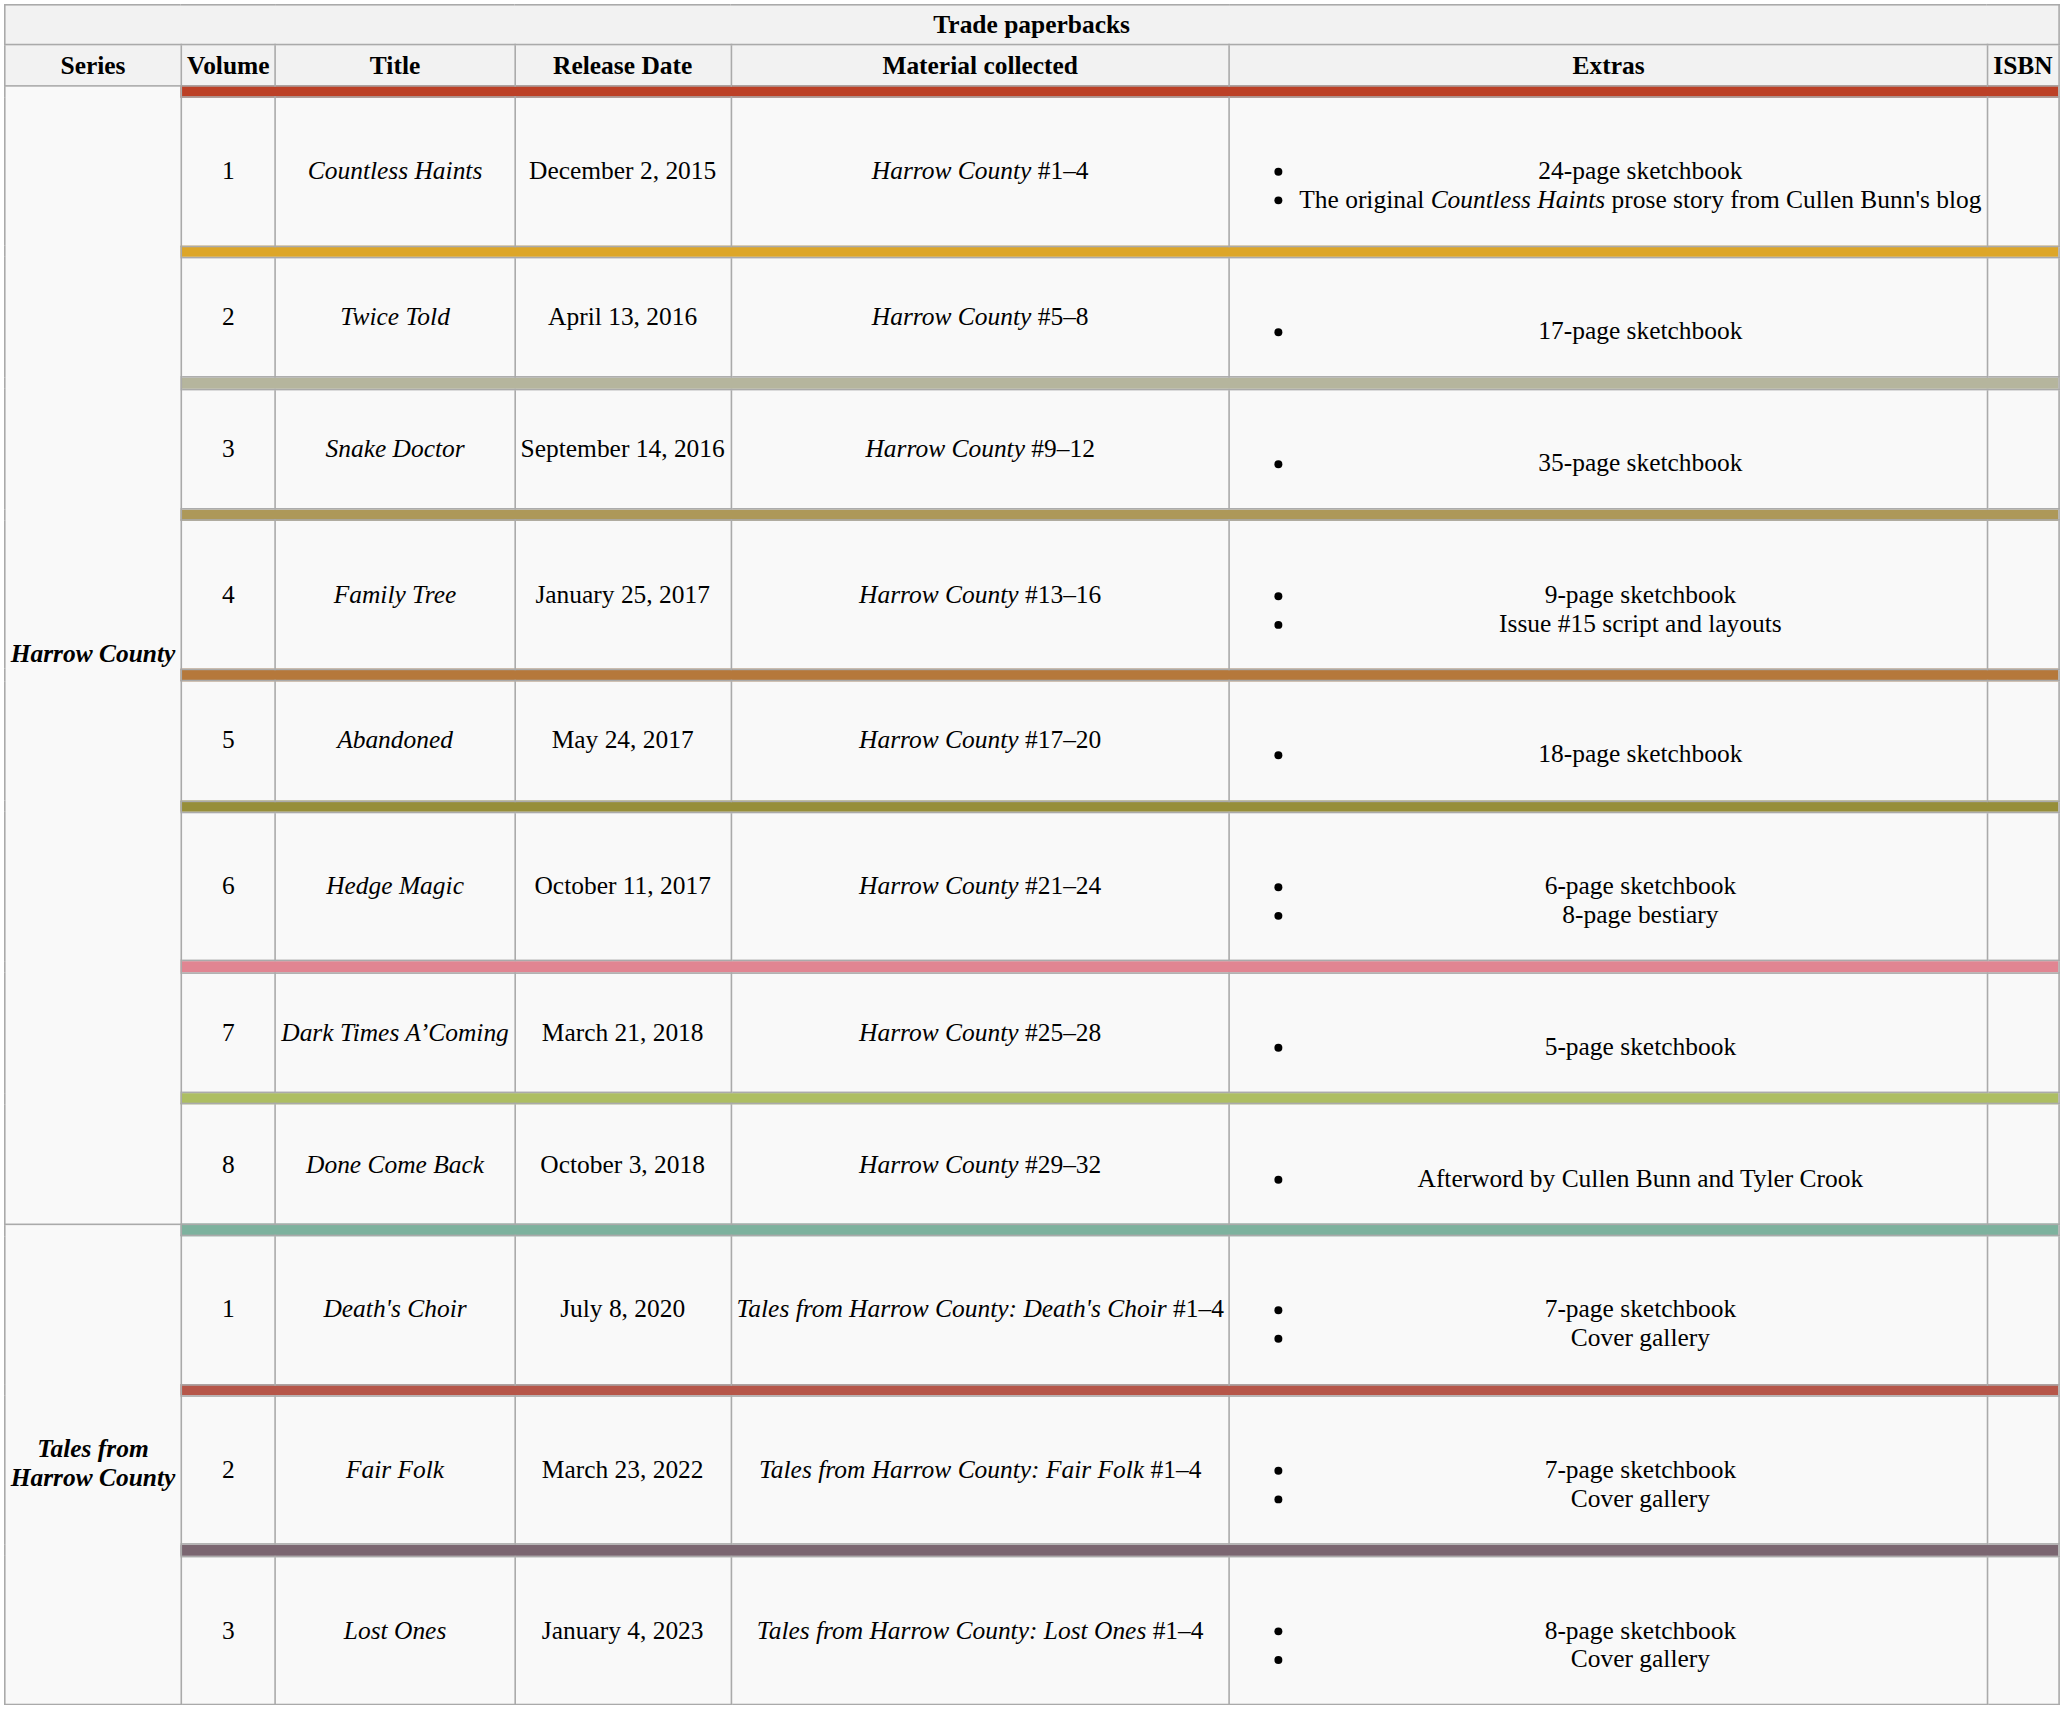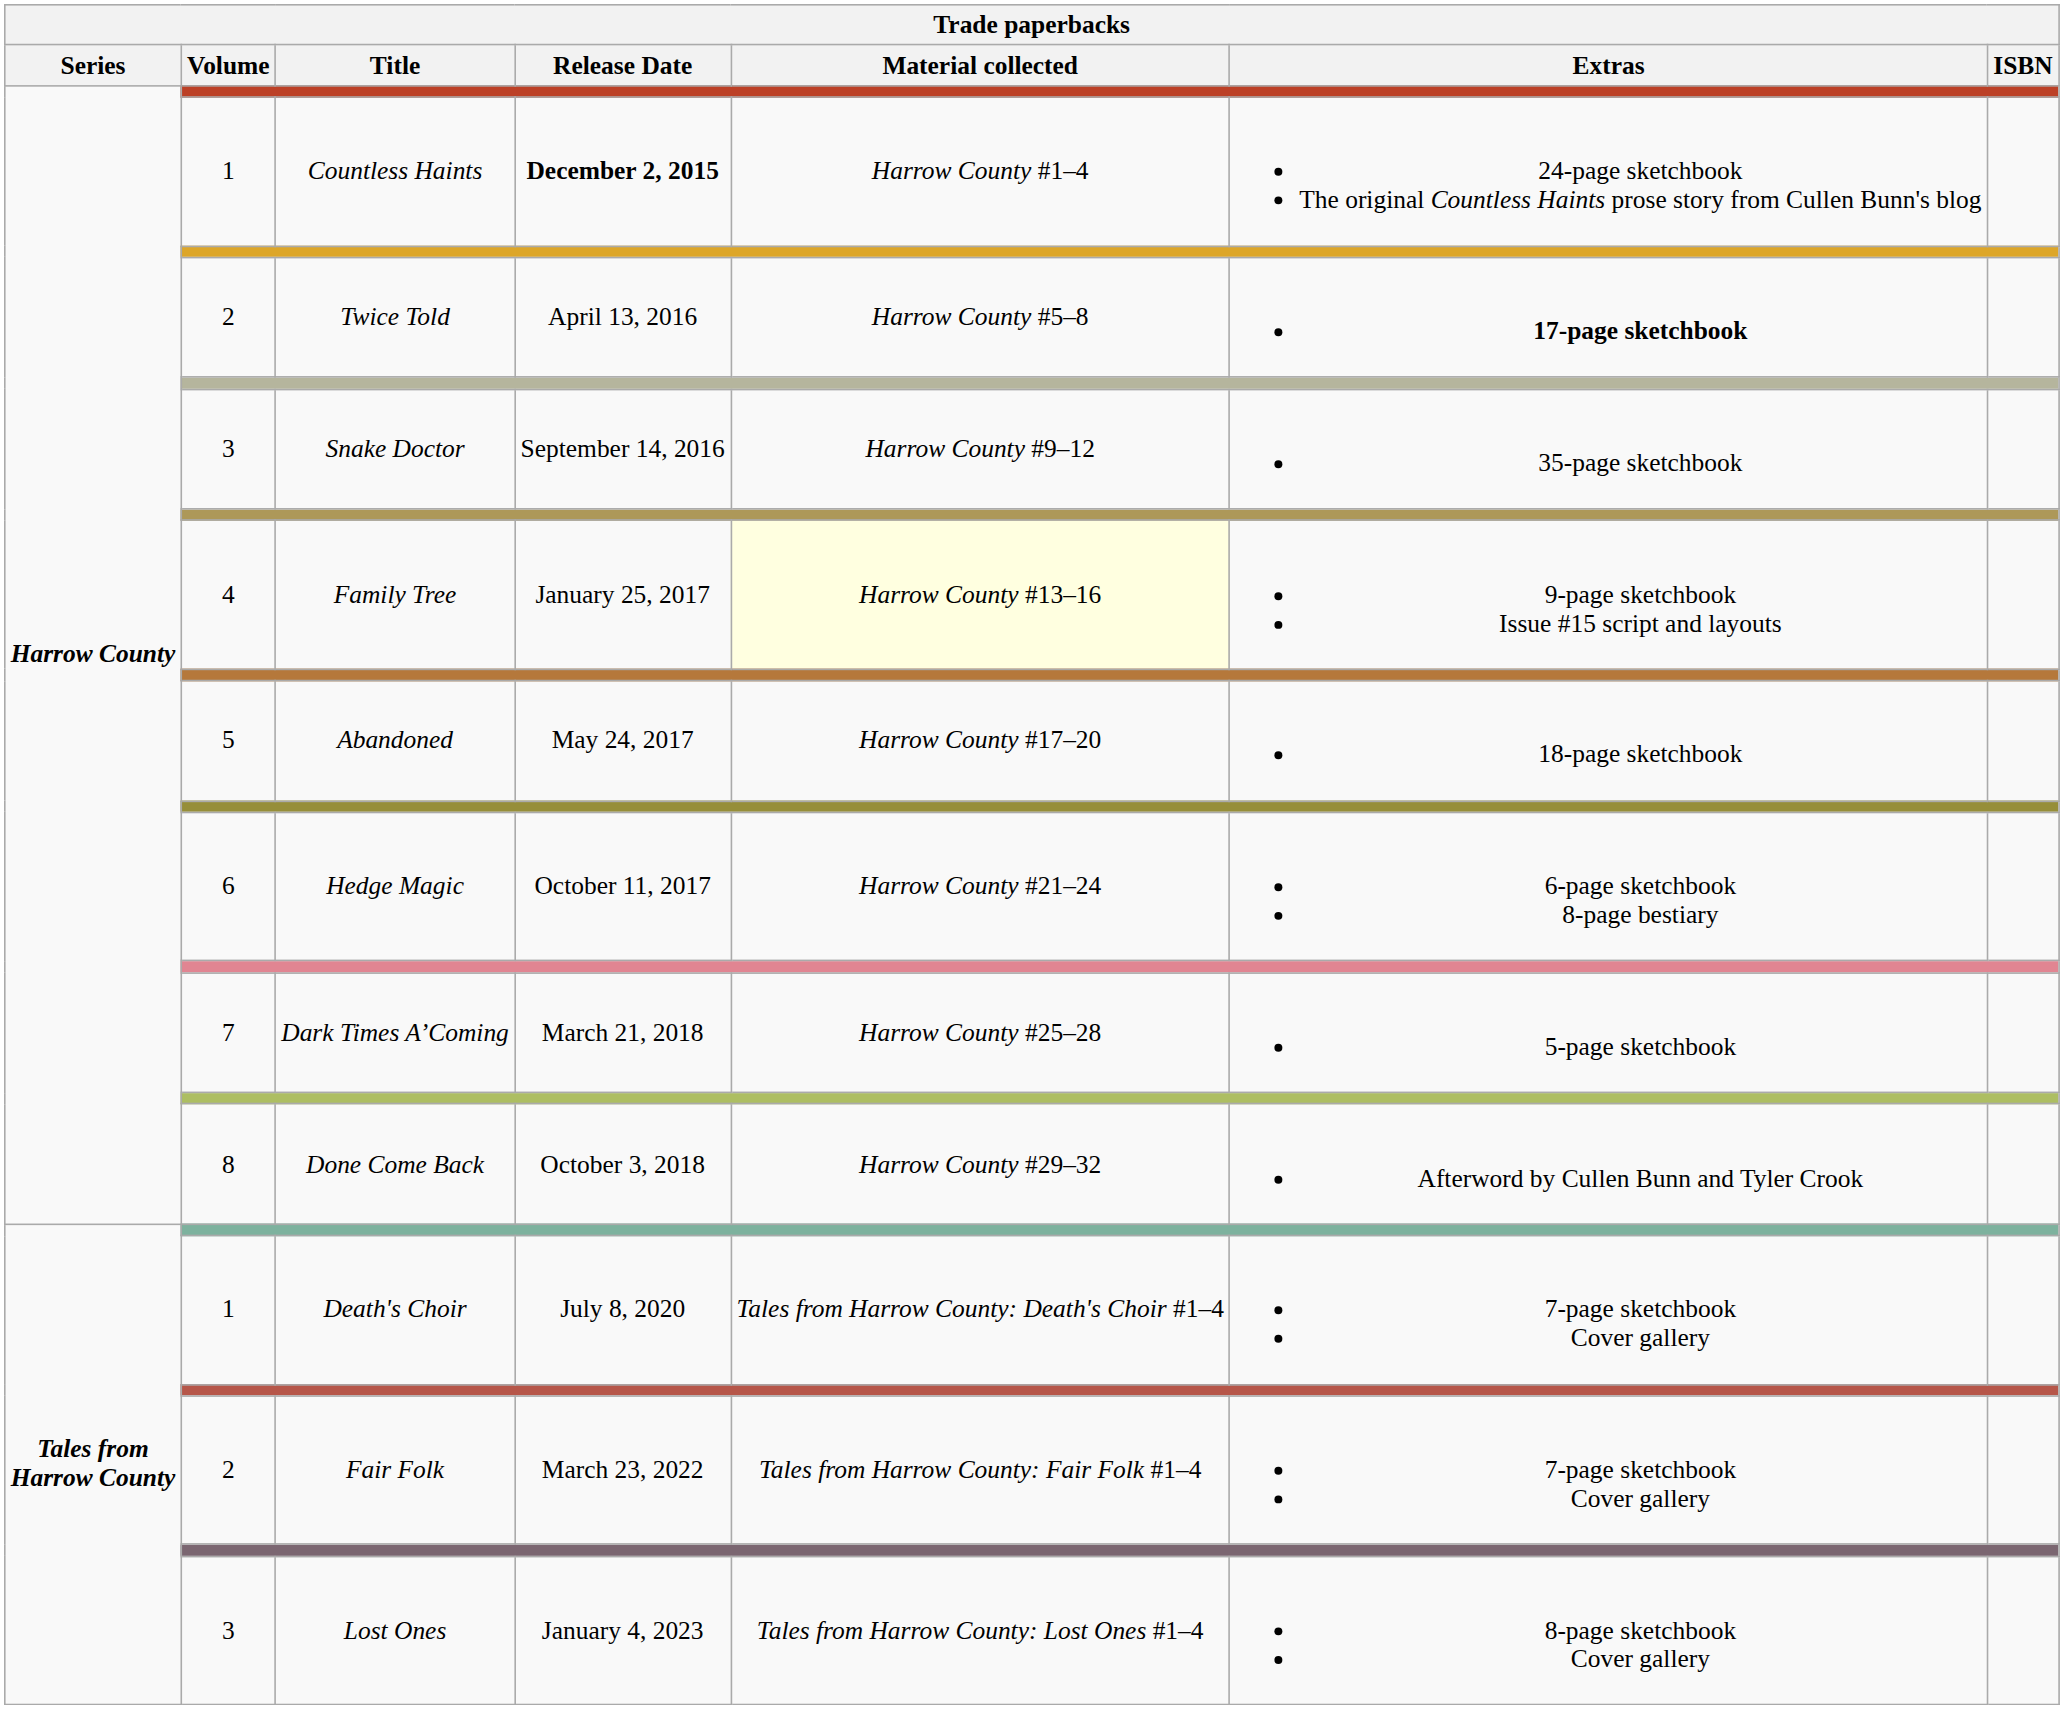 <table class="wikitable mw-collapsible mw-collapsed" style="text-align: center">
 <tr>
 <th colspan=7>Trade paperbacks</th>
 </tr>
 <tr>
 <th>Series</th>
 <th>Volume</th>
 <th>Title</th>
 <th>Release Date</th>
 <th>Material collected</th>
 <th>Extras</th>
 <th>ISBN</th>
 </tr>
 <tr>
 <td rowspan=16><strong><em>Harrow County</em></strong></td>
 <td colspan=6 style=background:#bc4026></td>
 </tr>
 <tr>
 <td>1</td>
 <td><em>Countless Haints</em></td>
-<td>December 2, 2015</td>
+<td><strong>December 2, 2015</strong></td>
 <td><em>Harrow County</em> #1–4</td>
 <td><br><ul><li>24-page sketchbook</li><li>The original <em>Countless Haints</em> prose story from Cullen Bunn's blog</li></ul></td>
 <td></td>
 </tr>
 <tr>
 <td colspan=6 style=background:#dda628></td>
 </tr>
 <tr>
 <td>2</td>
 <td><em>Twice Told</em></td>
 <td>April 13, 2016</td>
 <td><em>Harrow County</em> #5–8</td>
-<td><br><ul><li>17-page sketchbook</li></ul></td>
+<td><strong><br><ul><li>17-page sketchbook</li></ul></strong></td>
 <td></td>
 </tr>
 <tr>
 <td colspan=6 style=background:#b5b59d></td>
 </tr>
 <tr>
 <td>3</td>
 <td><em>Snake Doctor</em></td>
 <td>September 14, 2016</td>
 <td><em>Harrow County</em> #9–12</td>
 <td><br><ul><li>35-page sketchbook</li></ul></td>
 <td></td>
 </tr>
 <tr>
 <td colspan=6 style=background:#ad9859></td>
 </tr>
 <tr>
 <td>4</td>
 <td><em>Family Tree</em></td>
 <td>January 25, 2017</td>
-<td><em>Harrow County</em> #13–16</td>
+<td style="background: lightyellow;"><em>Harrow County</em> #13–16</td>
 <td><br><ul><li>9-page sketchbook</li><li>Issue #15 script and layouts</li></ul></td>
 <td></td>
 </tr>
 <tr>
 <td colspan=6 style=background:#b5783b></td>
 </tr>
 <tr>
 <td>5</td>
 <td><em>Abandoned</em></td>
 <td>May 24, 2017</td>
 <td><em>Harrow County</em> #17–20</td>
 <td><br><ul><li>18-page sketchbook</li></ul></td>
 <td></td>
 </tr>
 <tr>
 <td colspan=6 style=background:#968e39></td>
 </tr>
 <tr>
 <td>6</td>
 <td><em>Hedge Magic</em></td>
 <td>October 11, 2017</td>
 <td><em>Harrow County</em> #21–24</td>
 <td><br><ul><li>6-page sketchbook</li><li>8-page bestiary</li></ul></td>
 <td></td>
 </tr>
 <tr>
 <td colspan=6 style=background:#e18592></td>
 </tr>
 <tr>
 <td>7</td>
 <td><em>Dark Times A’Coming</em></td>
 <td>March 21, 2018</td>
 <td><em>Harrow County</em> #25–28</td>
 <td><br><ul><li>5-page sketchbook</li></ul></td>
 <td></td>
 </tr>
 <tr>
 <td colspan=6 style=background:#adbe62></td>
 </tr>
 <tr>
 <td>8</td>
 <td><em>Done Come Back</em></td>
 <td>October 3, 2018</td>
 <td><em>Harrow County</em> #29–32</td>
 <td><br><ul><li>Afterword by Cullen Bunn and Tyler Crook</li></ul></td>
 <td></td>
 </tr>
 <tr>
 <td rowspan=6><strong><em>Tales from<br>Harrow County</em></strong></td>
 <td colspan=6 style=background:#7db29e></td>
 </tr>
 <tr>
 <td>1</td>
 <td><em>Death's Choir</em></td>
 <td>July 8, 2020</td>
 <td><em>Tales from Harrow County: Death's Choir</em> #1–4</td>
 <td><br><ul><li>7-page sketchbook</li><li>Cover gallery</li></ul></td>
 <td></td>
 </tr>
 <tr>
 <td colspan=6 style=background:#b65649></td>
 </tr>
 <tr>
 <td>2</td>
 <td><em>Fair Folk</em></td>
 <td>March 23, 2022</td>
 <td><em>Tales from Harrow County: Fair Folk</em> #1–4</td>
 <td><br><ul><li>7-page sketchbook</li><li>Cover gallery</li></ul></td>
 <td></td>
 </tr>
 <tr>
 <td colspan=6 style=background:#7b6671></td>
 </tr>
 <tr>
 <td>3</td>
 <td><em>Lost Ones</em></td>
 <td>January 4, 2023</td>
 <td><em>Tales from Harrow County: Lost Ones</em> #1–4</td>
 <td><br><ul><li>8-page sketchbook</li><li>Cover gallery</li></ul></td>
 <td></td>
 </tr>
 </table>
